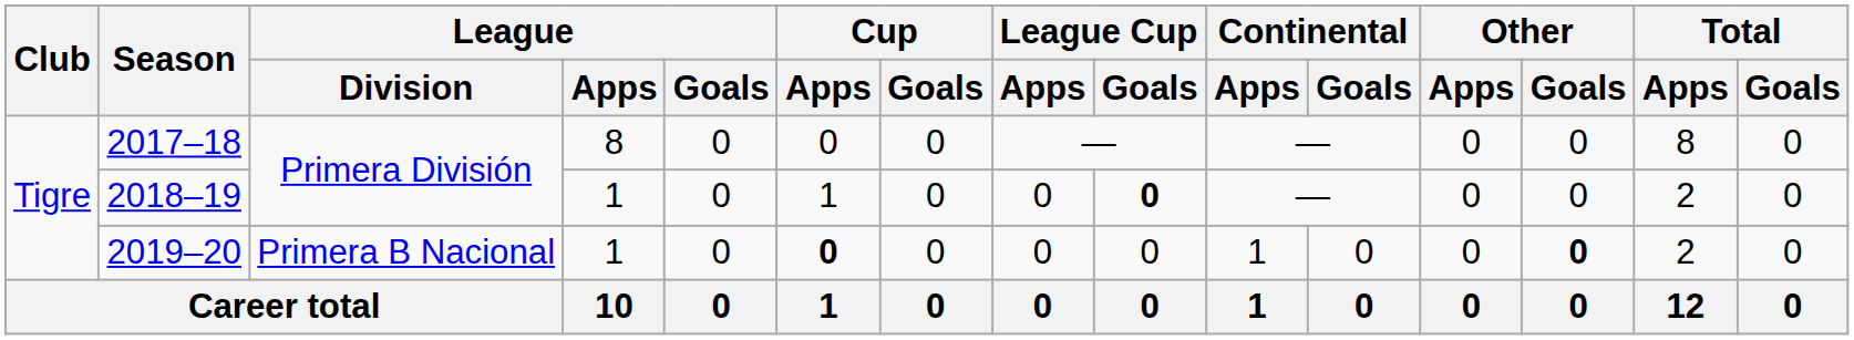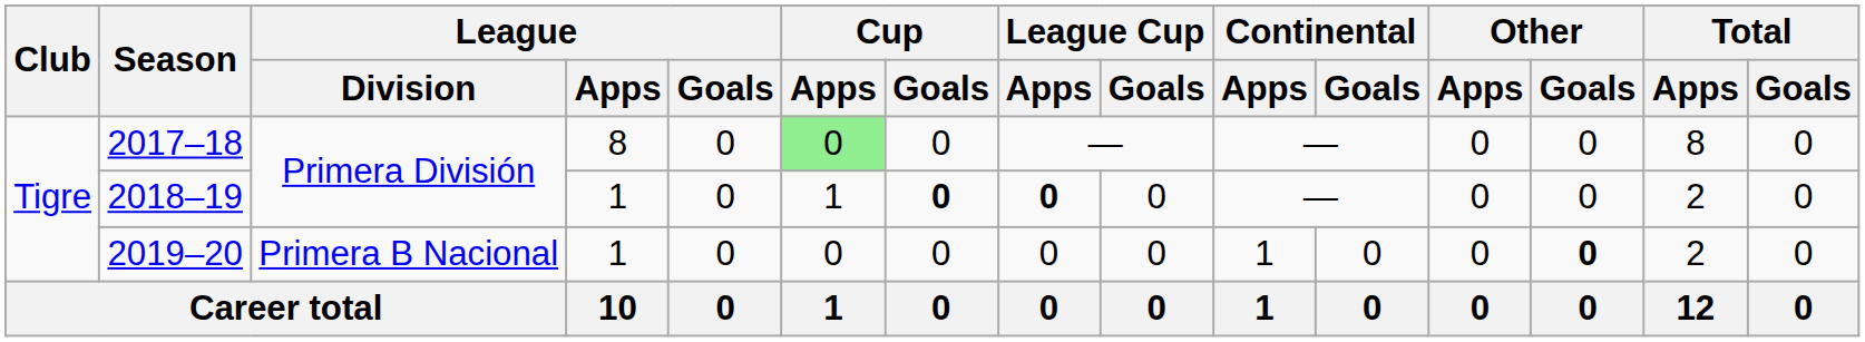 <table class="wikitable" style="text-align:center">
 <tr>
 <th rowspan="2">Club</th>
 <th rowspan="2">Season</th>
 <th colspan="3">League</th>
 <th colspan="2">Cup</th>
 <th colspan="2">League Cup</th>
 <th colspan="2">Continental</th>
 <th colspan="2">Other</th>
 <th colspan="2">Total</th>
 </tr>
 <tr>
 <th>Division</th>
 <th>Apps</th>
 <th>Goals</th>
 <th>Apps</th>
 <th>Goals</th>
 <th>Apps</th>
 <th>Goals</th>
 <th>Apps</th>
 <th>Goals</th>
 <th>Apps</th>
 <th>Goals</th>
 <th>Apps</th>
 <th>Goals</th>
 </tr>
 <tr>
 <td rowspan="3"><a href='#'>Tigre</a></td>
 <td><a href='#'>2017–18</a></td>
 <td rowspan="2"><a href='#'>Primera División</a></td>
 <td>8</td>
 <td>0</td>
-<td>0</td>
+<td style="background: lightgreen;">0</td>
 <td>0</td>
 <td colspan="2">—</td>
 <td colspan="2">—</td>
 <td>0</td>
 <td>0</td>
 <td>8</td>
 <td>0</td>
 </tr>
 <tr>
 <td><a href='#'>2018–19</a></td>
 <td>1</td>
 <td>0</td>
 <td>1</td>
+<td><strong>0</strong></td>
+<td><strong>0</strong></td>
 <td>0</td>
-<td>0</td>
-<td><strong>0</strong></td>
 <td colspan="2">—</td>
 <td>0</td>
 <td>0</td>
 <td>2</td>
 <td>0</td>
 </tr>
 <tr>
 <td><a href='#'>2019–20</a></td>
 <td rowspan="1"><a href='#'>Primera B Nacional</a></td>
 <td>1</td>
 <td>0</td>
-<td><strong>0</strong></td>
+<td>0</td>
 <td>0</td>
 <td>0</td>
 <td>0</td>
 <td>1</td>
 <td>0</td>
 <td>0</td>
 <td><strong>0</strong></td>
 <td>2</td>
 <td>0</td>
 </tr>
 <tr>
 <th colspan="3">Career total</th>
 <th>10</th>
 <th>0</th>
 <th>1</th>
 <th>0</th>
 <th>0</th>
 <th>0</th>
 <th>1</th>
 <th>0</th>
 <th>0</th>
 <th>0</th>
 <th>12</th>
 <th>0</th>
 </tr>
 </table>
